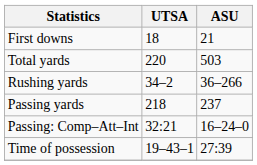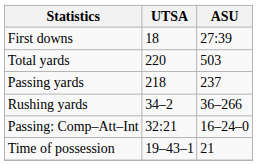 <table class="wikitable" style="float: left;">
 <tr>
 <th>Statistics</th>
 <th>UTSA</th>
 <th>ASU</th>
 </tr>
 <tr>
 <td>First downs</td>
 <td>18</td>
-<td>21</td>
+<td>27:39</td>
 </tr>
 <tr>
 <td>Total yards</td>
 <td>220</td>
 <td>503</td>
 </tr>
 <tr>
+<td>Passing yards</td>
+<td>218</td>
+<td>237</td>
+</tr>
+<tr>
 <td>Rushing yards</td>
 <td>34–2</td>
 <td>36–266</td>
-</tr>
-<tr>
-<td>Passing yards</td>
-<td>218</td>
-<td>237</td>
 </tr>
 <tr>
 <td>Passing: Comp–Att–Int</td>
 <td>32:21</td>
 <td>16–24–0</td>
 </tr>
 <tr>
 <td>Time of possession</td>
 <td>19–43–1</td>
-<td>27:39</td>
+<td>21</td>
 </tr>
 <tr>
 </tr>
 </table>
